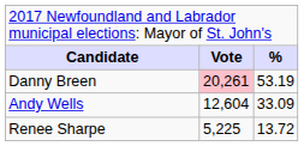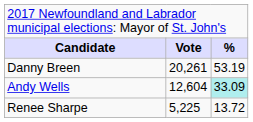 <table class="wikitable">
 <tr>
 <td colspan=3><a href='#'>2017 Newfoundland and Labrador municipal elections</a>: Mayor of <a href='#'>St. John's</a></td>
 </tr>
 <tr>
 <th style="background:#ddf; width:200px;">Candidate</th>
 <th style="background:#ddf; width:50px;">Vote</th>
 <th style="background:#ddf; width:30px;">%</th>
 </tr>
 <tr>
 <td>Danny Breen</td>
-<td style="background: pink;">20,261</td>
+<td>20,261</td>
 <td>53.19</td>
 </tr>
 <tr>
 <td><a href='#'>Andy Wells</a></td>
 <td>12,604</td>
-<td>33.09</td>
+<td style="background: paleturquoise;">33.09</td>
 </tr>
 <tr>
 <td>Renee Sharpe</td>
 <td>5,225</td>
 <td>13.72</td>
 </tr>
 </table>
